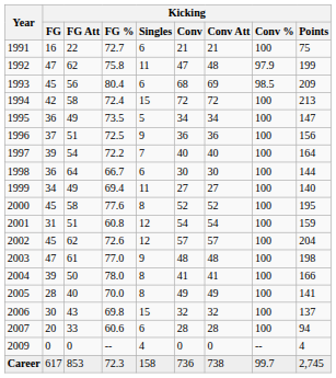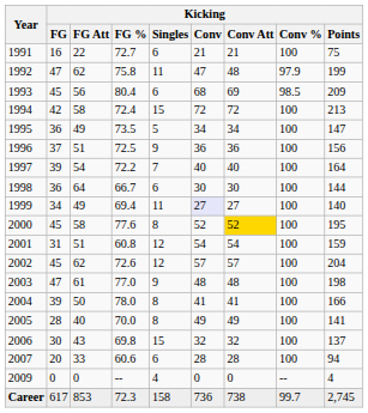 <table class="wikitable">
 <tr>
 <th rowspan=2>Year</th>
 <th colspan=8>Kicking</th>
 </tr>
 <tr>
 <th>FG</th>
 <th>FG Att</th>
 <th>FG %</th>
 <th>Singles</th>
 <th>Conv</th>
 <th>Conv Att</th>
 <th>Conv %</th>
 <th>Points</th>
 </tr>
 <tr>
 <td>1991</td>
 <td>16</td>
 <td>22</td>
 <td>72.7</td>
 <td>6</td>
 <td>21</td>
 <td>21</td>
 <td>100</td>
 <td>75</td>
 </tr>
 <tr>
 <td>1992</td>
 <td>47</td>
 <td>62</td>
 <td>75.8</td>
 <td>11</td>
 <td>47</td>
 <td>48</td>
 <td>97.9</td>
 <td>199</td>
 </tr>
 <tr>
 <td>1993</td>
 <td>45</td>
 <td>56</td>
 <td>80.4</td>
 <td>6</td>
 <td>68</td>
 <td>69</td>
 <td>98.5</td>
 <td>209</td>
 </tr>
 <tr>
 <td>1994</td>
 <td>42</td>
 <td>58</td>
 <td>72.4</td>
 <td>15</td>
 <td>72</td>
 <td>72</td>
 <td>100</td>
 <td>213</td>
 </tr>
 <tr>
 <td>1995</td>
 <td>36</td>
 <td>49</td>
 <td>73.5</td>
 <td>5</td>
 <td>34</td>
 <td>34</td>
 <td>100</td>
 <td>147</td>
 </tr>
 <tr>
 <td>1996</td>
 <td>37</td>
 <td>51</td>
 <td>72.5</td>
 <td>9</td>
 <td>36</td>
 <td>36</td>
 <td>100</td>
 <td>156</td>
 </tr>
 <tr>
 <td>1997</td>
 <td>39</td>
 <td>54</td>
 <td>72.2</td>
 <td>7</td>
 <td>40</td>
 <td>40</td>
 <td>100</td>
 <td>164</td>
 </tr>
 <tr>
 <td>1998</td>
 <td>36</td>
 <td>64</td>
 <td>66.7</td>
 <td>6</td>
 <td>30</td>
 <td>30</td>
 <td>100</td>
 <td>144</td>
 </tr>
 <tr>
 <td>1999</td>
 <td>34</td>
 <td>49</td>
 <td>69.4</td>
 <td>11</td>
-<td>27</td>
+<td style="background: lavender;">27</td>
 <td>27</td>
 <td>100</td>
 <td>140</td>
 </tr>
 <tr>
 <td>2000</td>
 <td>45</td>
 <td>58</td>
 <td>77.6</td>
 <td>8</td>
 <td>52</td>
-<td>52</td>
+<td style="background: gold;">52</td>
 <td>100</td>
 <td>195</td>
 </tr>
 <tr>
 <td>2001</td>
 <td>31</td>
 <td>51</td>
 <td>60.8</td>
 <td>12</td>
 <td>54</td>
 <td>54</td>
 <td>100</td>
 <td>159</td>
 </tr>
 <tr>
 <td>2002</td>
 <td>45</td>
 <td>62</td>
 <td>72.6</td>
 <td>12</td>
 <td>57</td>
 <td>57</td>
 <td>100</td>
 <td>204</td>
 </tr>
 <tr>
 <td>2003</td>
 <td>47</td>
 <td>61</td>
 <td>77.0</td>
 <td>9</td>
 <td>48</td>
 <td>48</td>
 <td>100</td>
 <td>198</td>
 </tr>
 <tr>
 <td>2004</td>
 <td>39</td>
 <td>50</td>
 <td>78.0</td>
 <td>8</td>
 <td>41</td>
 <td>41</td>
 <td>100</td>
 <td>166</td>
 </tr>
 <tr>
 <td>2005</td>
 <td>28</td>
 <td>40</td>
 <td>70.0</td>
 <td>8</td>
 <td>49</td>
 <td>49</td>
 <td>100</td>
 <td>141</td>
 </tr>
 <tr>
 <td>2006</td>
 <td>30</td>
 <td>43</td>
 <td>69.8</td>
 <td>15</td>
 <td>32</td>
 <td>32</td>
 <td>100</td>
 <td>137</td>
 </tr>
 <tr>
 <td>2007</td>
 <td>20</td>
 <td>33</td>
 <td>60.6</td>
 <td>6</td>
 <td>28</td>
 <td>28</td>
 <td>100</td>
 <td>94</td>
 </tr>
 <tr>
 <td>2009</td>
 <td>0</td>
 <td>0</td>
 <td>--</td>
 <td>4</td>
 <td>0</td>
 <td>0</td>
 <td>--</td>
 <td>4</td>
 </tr>
 <tr style="background-color: #eee;">
 <td><strong>Career</strong></td>
 <td>617</td>
 <td>853</td>
 <td>72.3</td>
 <td>158</td>
 <td>736</td>
 <td>738</td>
 <td>99.7</td>
 <td>2,745</td>
 </tr>
 </table>
